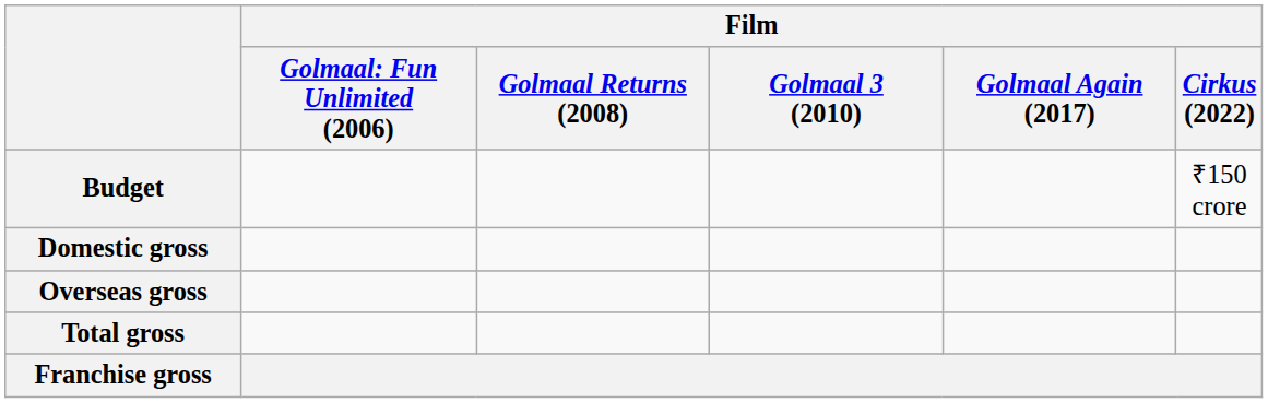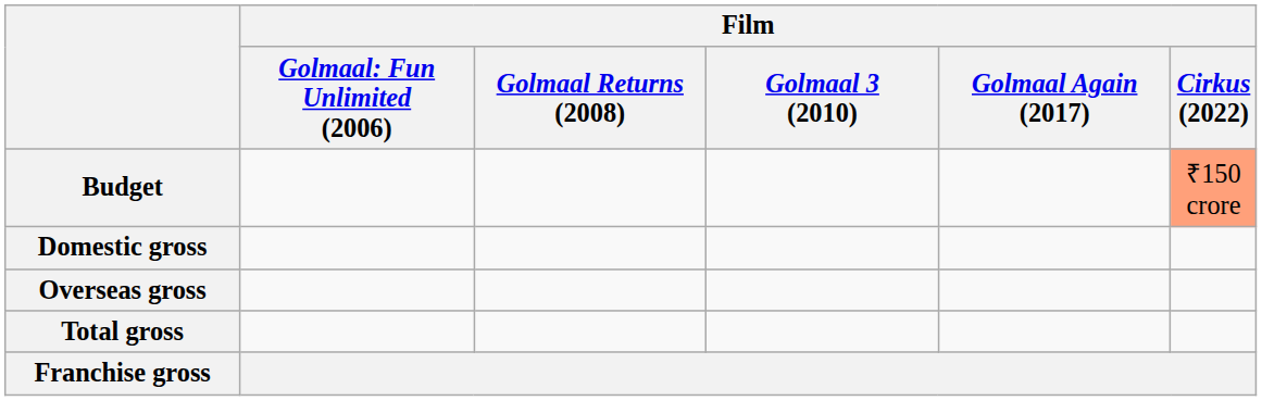 <table class="wikitable"  style="text-align:center; width:60%;">
 <tr>
 <th rowspan="2"; style="width:20%;"></th>
 <th colspan="5">Film</th>
 </tr>
 <tr>
 <th style="width:20%;"><em><a href='#'>Golmaal: Fun Unlimited</a></em> <br>(2006)</th>
 <th style="width:20%;"><em><a href='#'>Golmaal Returns</a></em> <br>(2008)</th>
 <th style="width:20%;"><em><a href='#'>Golmaal 3</a></em> <br>(2010)</th>
 <th style="width:20%;"><em><a href='#'>Golmaal Again</a></em> <br>(2017)</th>
 <th style="width:20%;"><em><a href='#'>Cirkus</a></em> <br>(2022)</th>
 </tr>
 <tr>
 <th>Budget</th>
 <td></td>
 <td></td>
 <td></td>
 <td></td>
-<td>₹150 crore</td>
+<td style="background: lightsalmon;">₹150 crore</td>
 </tr>
 <tr>
 <th>Domestic gross</th>
 <td></td>
 <td></td>
 <td></td>
 <td></td>
 <td></td>
 </tr>
 <tr>
 <th>Overseas gross</th>
 <td></td>
 <td></td>
 <td></td>
 <td></td>
 <td></td>
 </tr>
 <tr>
 <th>Total gross</th>
 <td></td>
 <td></td>
 <td></td>
 <td></td>
 <td></td>
 </tr>
 <tr>
 <th>Franchise gross</th>
 <th colspan="5"></th>
 </tr>
 </table>
